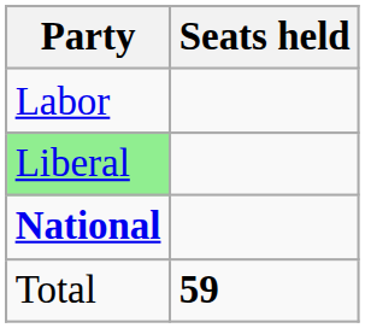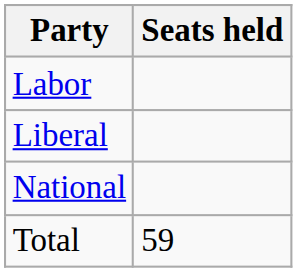 <table class="wikitable">
 <tr>
 <th>Party</th>
 <th colspan=2>Seats held</th>
 </tr>
 <tr>
 <td><a href='#'>Labor</a></td>
 <td align=center></td>
 </tr>
 <tr>
-<td style="background: lightgreen;"><a href='#'>Liberal</a></td>
+<td><a href='#'>Liberal</a></td>
 <td align=center></td>
 </tr>
 <tr>
-<td><strong><a href='#'>National</a></strong></td>
+<td><a href='#'>National</a></td>
 <td align=center></td>
 </tr>
 <tr>
 <td>Total</td>
-<td><strong>59</strong></td>
+<td>59</td>
 </tr>
 </table>
